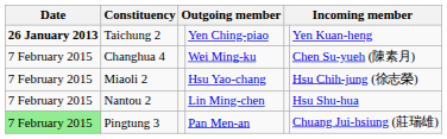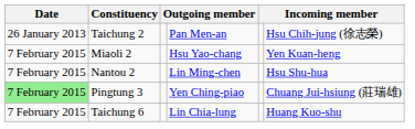 <table class="wikitable">
 <tr>
 <th>Date</th>
 <th>Constituency</th>
 <th colspan="2">Outgoing member</th>
 <th colspan="2">Incoming member</th>
 </tr>
 <tr>
-<td><strong>26 January 2013</strong></td>
+<td>26 January 2013</td>
 <td>Taichung 2</td>
 <td style="background:"></td>
-<td><a href='#'>Yen Ching-piao</a></td>
+<td><a href='#'>Pan Men-an</a></td>
 <td style="background:"></td>
-<td><a href='#'>Yen Kuan-heng</a></td>
-</tr>
-<tr>
-<td>7 February 2015</td>
-<td>Changhua 4</td>
-<td style="background:"></td>
-<td><a href='#'>Wei Ming-ku</a></td>
-<td style="background:"></td>
-<td><a href='#'>Chen Su-yueh</a> (陳素月)</td>
+<td><a href='#'>Hsu Chih-jung</a> (徐志榮)</td>
 </tr>
 <tr>
 <td>7 February 2015</td>
 <td>Miaoli 2</td>
 <td style="background:"></td>
 <td><a href='#'>Hsu Yao-chang</a></td>
 <td style="background:"></td>
-<td><a href='#'>Hsu Chih-jung</a> (徐志榮)</td>
+<td><a href='#'>Yen Kuan-heng</a></td>
 </tr>
 <tr>
 <td>7 February 2015</td>
 <td>Nantou 2</td>
 <td style="background:"></td>
 <td><a href='#'>Lin Ming-chen</a></td>
 <td style="background:"></td>
 <td><a href='#'>Hsu Shu-hua</a></td>
 </tr>
 <tr>
 <td style="background: lightgreen;">7 February 2015</td>
 <td>Pingtung 3</td>
 <td style="background:"></td>
-<td><a href='#'>Pan Men-an</a></td>
+<td><a href='#'>Yen Ching-piao</a></td>
 <td style="background:"></td>
 <td><a href='#'>Chuang Jui-hsiung</a> (莊瑞雄)</td>
 </tr>
+<tr>
+<td>7 February 2015</td>
+<td>Taichung 6</td>
+<td style="background:"></td>
+<td><a href='#'>Lin Chia-lung</a></td>
+<td style="background:"></td>
+<td><a href='#'>Huang Kuo-shu</a></td>
+</tr>
 </table>
